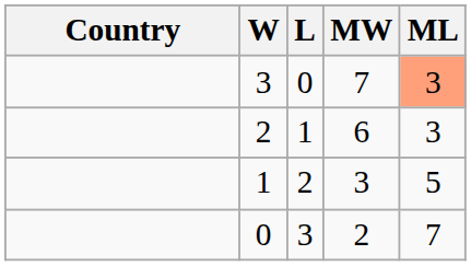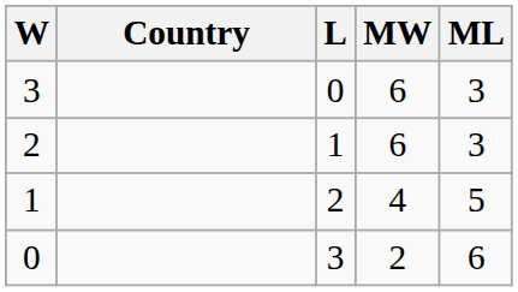 <table class="wikitable sortable" style="text-align:center">
 <tr>
+<th>W</th>
 <th width=110>Country</th>
-<th>W</th>
 <th>L</th>
 <th>MW</th>
 <th>ML</th>
 </tr>
 <tr>
+<td>3</td>
 <td align=left><strong></strong></td>
+<td>0</td>
+<td>6</td>
 <td>3</td>
-<td>0</td>
-<td>7</td>
-<td style="background: lightsalmon;">3</td>
 </tr>
 <tr>
+<td>2</td>
 <td align=left></td>
-<td>2</td>
 <td>1</td>
 <td>6</td>
 <td>3</td>
 </tr>
 <tr>
+<td>1</td>
 <td align=left></td>
-<td>1</td>
 <td>2</td>
-<td>3</td>
+<td>4</td>
 <td>5</td>
 </tr>
 <tr>
+<td>0</td>
 <td align=left></td>
-<td>0</td>
 <td>3</td>
 <td>2</td>
-<td>7</td>
+<td>6</td>
 </tr>
 </table>
